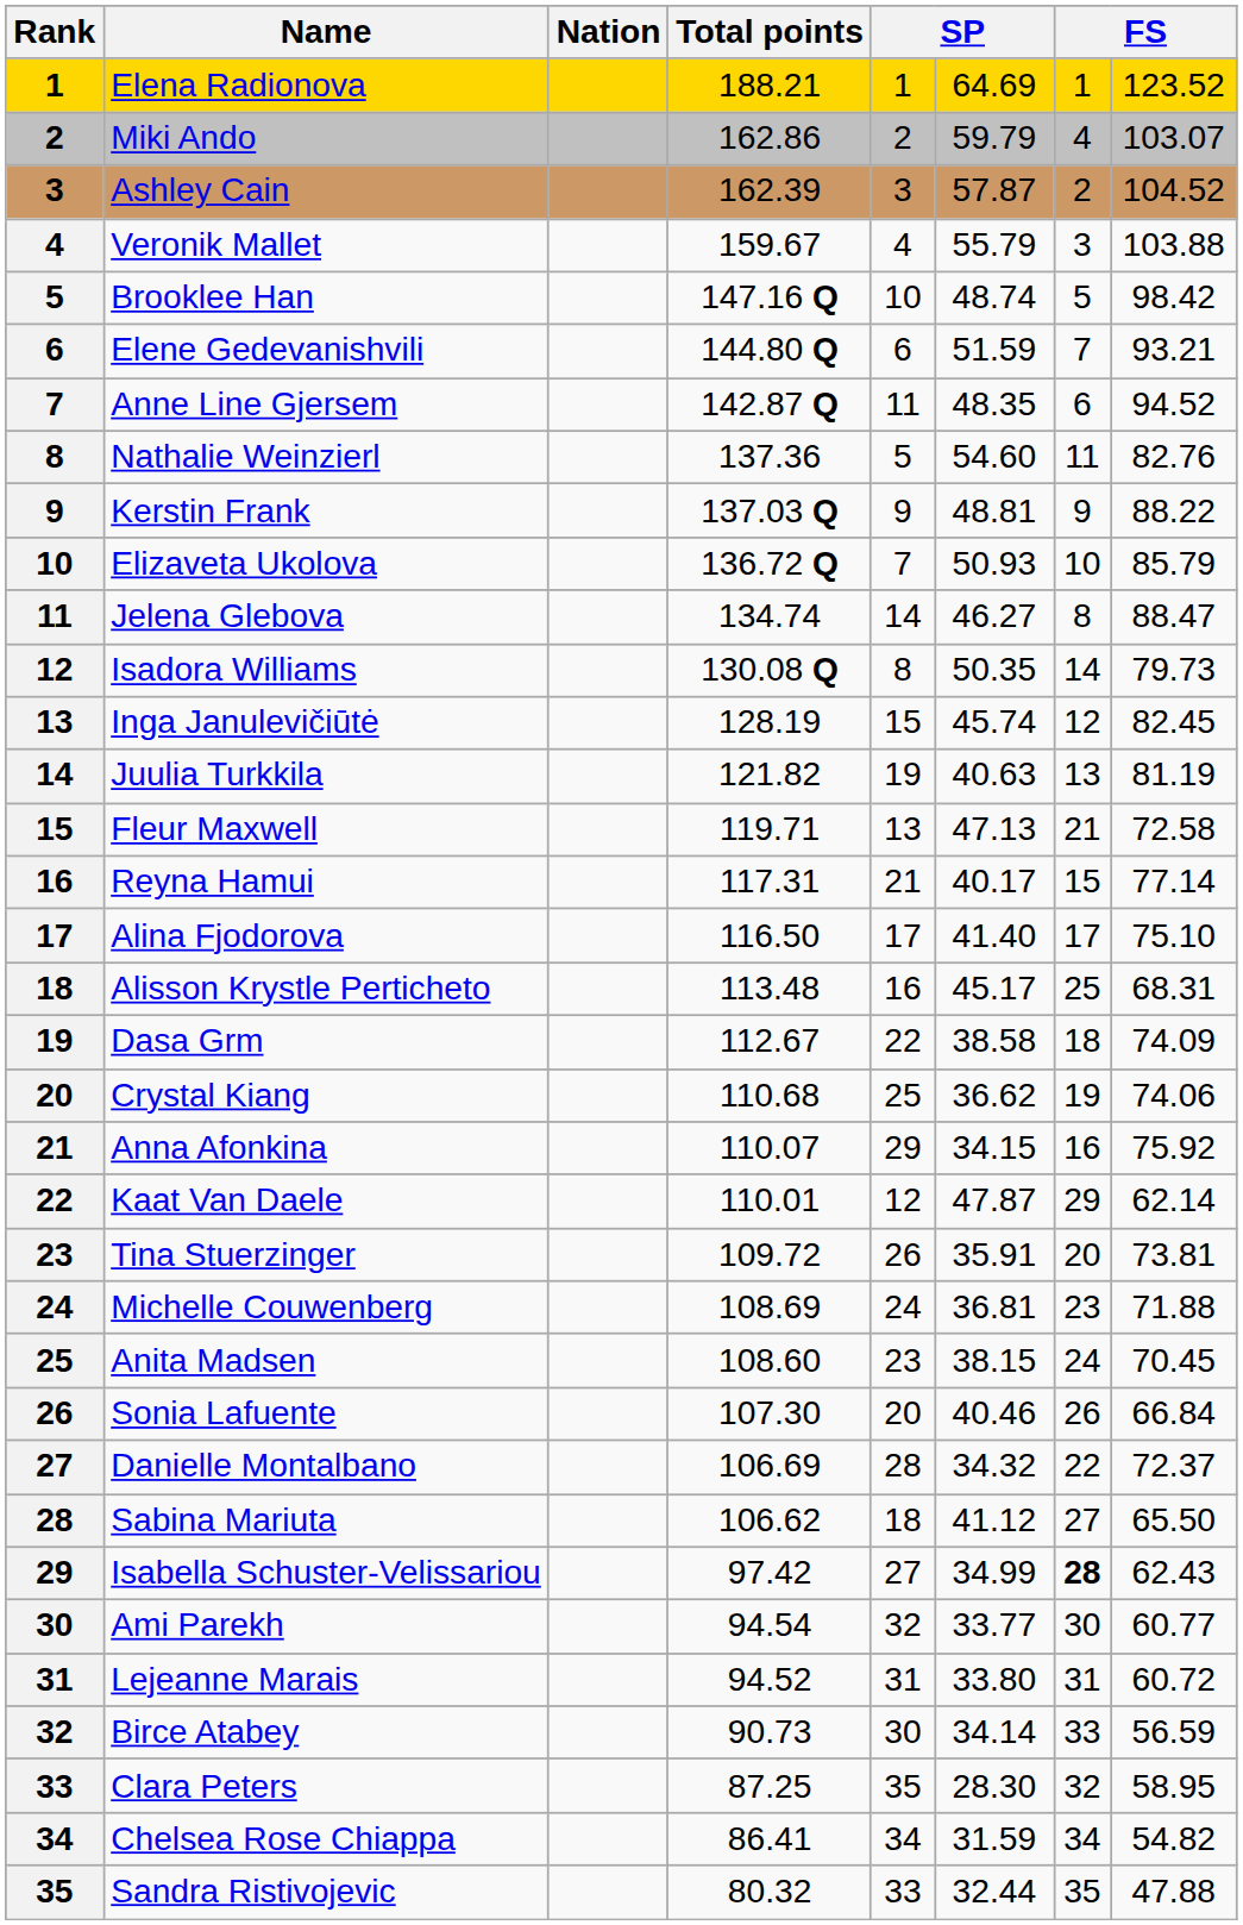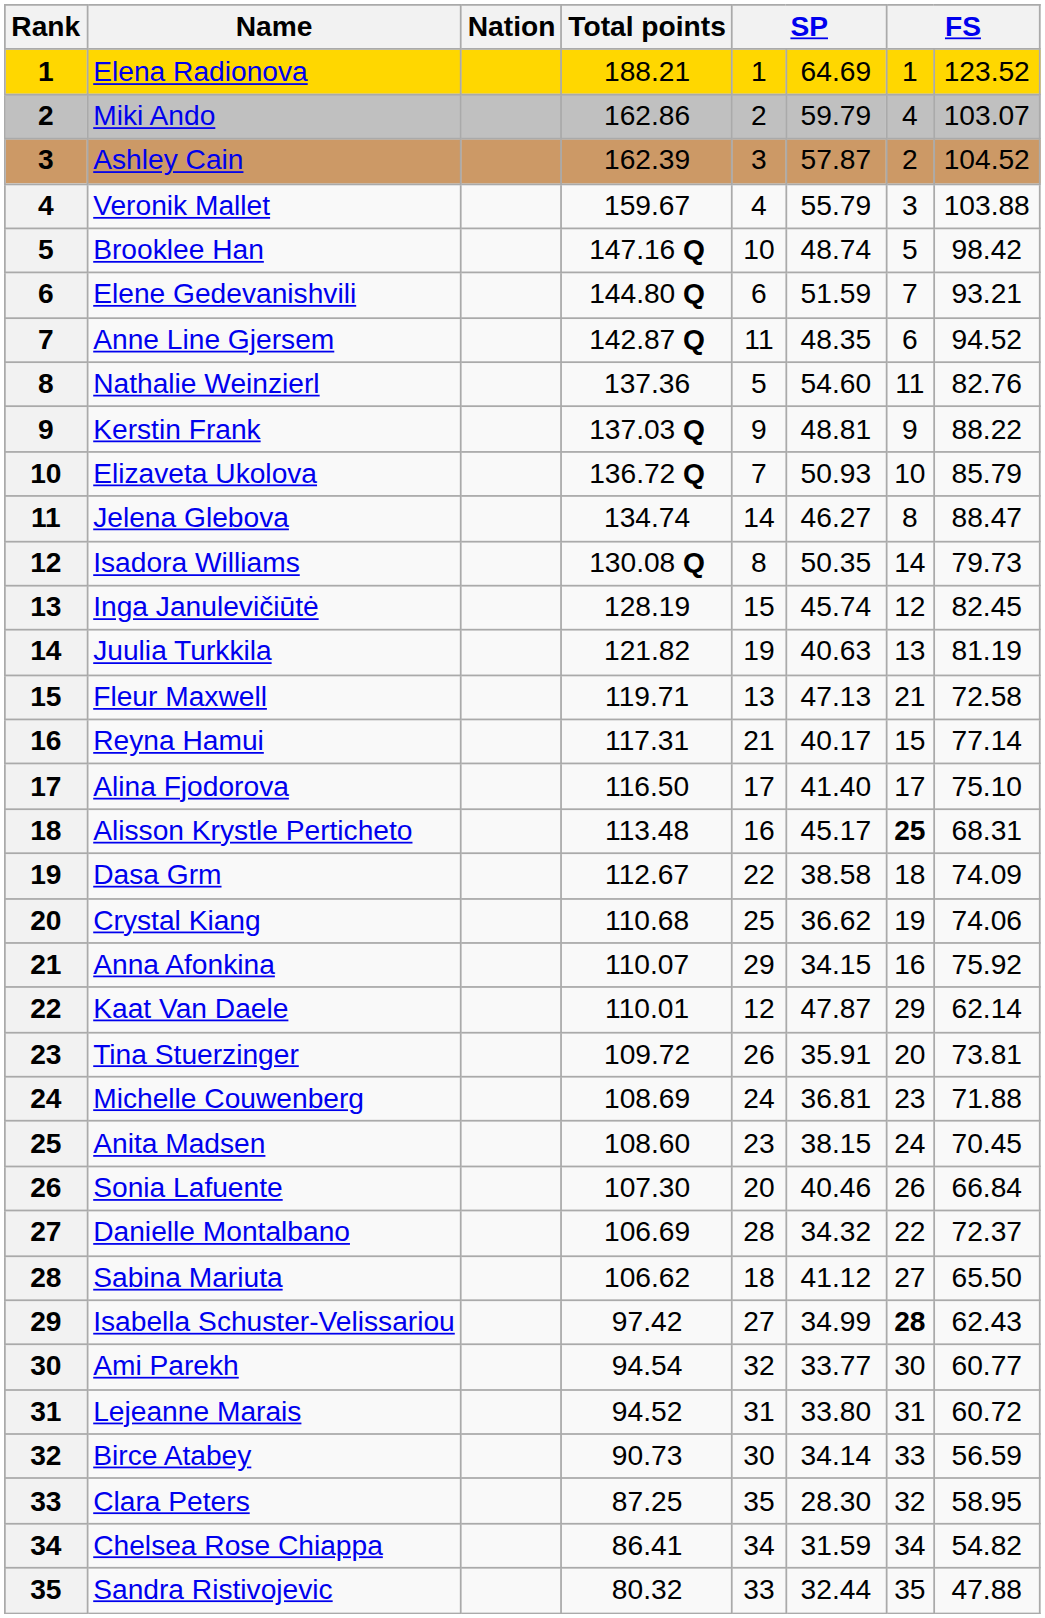 <table class="wikitable sortable">
 <tr>
 <th>Rank</th>
 <th>Name</th>
 <th>Nation</th>
 <th>Total points</th>
 <th colspan="2" width="80px"><a href='#'>SP</a></th>
 <th colspan="2" width="80px"><a href='#'>FS</a></th>
 </tr>
 <tr bgcolor="gold">
 <td align="center"><strong>1</strong></td>
 <td><a href='#'>Elena Radionova</a></td>
 <td></td>
 <td align="center">188.21</td>
 <td align="center">1</td>
 <td align="center">64.69</td>
 <td align="center">1</td>
 <td align="center">123.52</td>
 </tr>
 <tr bgcolor="silver">
 <td align="center"><strong>2</strong></td>
 <td><a href='#'>Miki Ando</a></td>
 <td></td>
 <td align="center">162.86</td>
 <td align="center">2</td>
 <td align="center">59.79</td>
 <td align="center">4</td>
 <td align="center">103.07</td>
 </tr>
 <tr bgcolor="cc9966">
 <td align="center"><strong>3</strong></td>
 <td><a href='#'>Ashley Cain</a></td>
 <td></td>
 <td align="center">162.39</td>
 <td align="center">3</td>
 <td align="center">57.87</td>
 <td align="center">2</td>
 <td align="center">104.52</td>
 </tr>
 <tr>
 <th>4</th>
 <td><a href='#'>Veronik Mallet</a></td>
 <td></td>
 <td align="center">159.67</td>
 <td align="center">4</td>
 <td align="center">55.79</td>
 <td align="center">3</td>
 <td align="center">103.88</td>
 </tr>
 <tr>
 <th>5</th>
 <td><a href='#'>Brooklee Han</a></td>
 <td></td>
 <td align="center">147.16 <strong>Q</strong></td>
 <td align="center">10</td>
 <td align="center">48.74</td>
 <td align="center">5</td>
 <td align="center">98.42</td>
 </tr>
 <tr>
 <th>6</th>
 <td><a href='#'>Elene Gedevanishvili</a></td>
 <td></td>
 <td align="center">144.80 <strong>Q</strong></td>
 <td align="center">6</td>
 <td align="center">51.59</td>
 <td align="center">7</td>
 <td align="center">93.21</td>
 </tr>
 <tr>
 <th>7</th>
 <td><a href='#'>Anne Line Gjersem</a></td>
 <td></td>
 <td align="center">142.87 <strong>Q</strong></td>
 <td align="center">11</td>
 <td align="center">48.35</td>
 <td align="center">6</td>
 <td align="center">94.52</td>
 </tr>
 <tr>
 <th>8</th>
 <td><a href='#'>Nathalie Weinzierl</a></td>
 <td></td>
 <td align="center">137.36</td>
 <td align="center">5</td>
 <td align="center">54.60</td>
 <td align="center">11</td>
 <td align="center">82.76</td>
 </tr>
 <tr>
 <th>9</th>
 <td><a href='#'>Kerstin Frank</a></td>
 <td></td>
 <td align="center">137.03 <strong>Q</strong></td>
 <td align="center">9</td>
 <td align="center">48.81</td>
 <td align="center">9</td>
 <td align="center">88.22</td>
 </tr>
 <tr>
 <th>10</th>
 <td><a href='#'>Elizaveta Ukolova</a></td>
 <td></td>
 <td align="center">136.72 <strong>Q</strong></td>
 <td align="center">7</td>
 <td align="center">50.93</td>
 <td align="center">10</td>
 <td align="center">85.79</td>
 </tr>
 <tr>
 <th>11</th>
 <td><a href='#'>Jelena Glebova</a></td>
 <td></td>
 <td align="center">134.74</td>
 <td align="center">14</td>
 <td align="center">46.27</td>
 <td align="center">8</td>
 <td align="center">88.47</td>
 </tr>
 <tr>
 <th>12</th>
 <td><a href='#'>Isadora Williams</a></td>
 <td></td>
 <td align="center">130.08 <strong>Q</strong></td>
 <td align="center">8</td>
 <td align="center">50.35</td>
 <td align="center">14</td>
 <td align="center">79.73</td>
 </tr>
 <tr>
 <th>13</th>
 <td><a href='#'>Inga Janulevičiūtė</a></td>
 <td></td>
 <td align="center">128.19</td>
 <td align="center">15</td>
 <td align="center">45.74</td>
 <td align="center">12</td>
 <td align="center">82.45</td>
 </tr>
 <tr>
 <th>14</th>
 <td><a href='#'>Juulia Turkkila</a></td>
 <td></td>
 <td align="center">121.82</td>
 <td align="center">19</td>
 <td align="center">40.63</td>
 <td align="center">13</td>
 <td align="center">81.19</td>
 </tr>
 <tr>
 <th>15</th>
 <td><a href='#'>Fleur Maxwell</a></td>
 <td></td>
 <td align="center">119.71</td>
 <td align="center">13</td>
 <td align="center">47.13</td>
 <td align="center">21</td>
 <td align="center">72.58</td>
 </tr>
 <tr>
 <th>16</th>
 <td><a href='#'>Reyna Hamui</a></td>
 <td></td>
 <td align="center">117.31</td>
 <td align="center">21</td>
 <td align="center">40.17</td>
 <td align="center">15</td>
 <td align="center">77.14</td>
 </tr>
 <tr>
 <th>17</th>
 <td><a href='#'>Alina Fjodorova</a></td>
 <td></td>
 <td align="center">116.50</td>
 <td align="center">17</td>
 <td align="center">41.40</td>
 <td align="center">17</td>
 <td align="center">75.10</td>
 </tr>
 <tr>
 <th>18</th>
 <td><a href='#'>Alisson Krystle Perticheto</a></td>
 <td></td>
 <td align="center">113.48</td>
 <td align="center">16</td>
 <td align="center">45.17</td>
-<td align="center">25</td>
+<td align="center"><strong>25</strong></td>
 <td align="center">68.31</td>
 </tr>
 <tr>
 <th>19</th>
 <td><a href='#'>Dasa Grm</a></td>
 <td></td>
 <td align="center">112.67</td>
 <td align="center">22</td>
 <td align="center">38.58</td>
 <td align="center">18</td>
 <td align="center">74.09</td>
 </tr>
 <tr>
 <th>20</th>
 <td><a href='#'>Crystal Kiang</a></td>
 <td></td>
 <td align="center">110.68</td>
 <td align="center">25</td>
 <td align="center">36.62</td>
 <td align="center">19</td>
 <td align="center">74.06</td>
 </tr>
 <tr>
 <th>21</th>
 <td><a href='#'>Anna Afonkina</a></td>
 <td></td>
 <td align="center">110.07</td>
 <td align="center">29</td>
 <td align="center">34.15</td>
 <td align="center">16</td>
 <td align="center">75.92</td>
 </tr>
 <tr>
 <th>22</th>
 <td><a href='#'>Kaat Van Daele</a></td>
 <td></td>
 <td align="center">110.01</td>
 <td align="center">12</td>
 <td align="center">47.87</td>
 <td align="center">29</td>
 <td align="center">62.14</td>
 </tr>
 <tr>
 <th>23</th>
 <td><a href='#'>Tina Stuerzinger</a></td>
 <td></td>
 <td align="center">109.72</td>
 <td align="center">26</td>
 <td align="center">35.91</td>
 <td align="center">20</td>
 <td align="center">73.81</td>
 </tr>
 <tr>
 <th>24</th>
 <td><a href='#'>Michelle Couwenberg</a></td>
 <td></td>
 <td align="center">108.69</td>
 <td align="center">24</td>
 <td align="center">36.81</td>
 <td align="center">23</td>
 <td align="center">71.88</td>
 </tr>
 <tr>
 <th>25</th>
 <td><a href='#'>Anita Madsen</a></td>
 <td></td>
 <td align="center">108.60</td>
 <td align="center">23</td>
 <td align="center">38.15</td>
 <td align="center">24</td>
 <td align="center">70.45</td>
 </tr>
 <tr>
 <th>26</th>
 <td><a href='#'>Sonia Lafuente</a></td>
 <td></td>
 <td align="center">107.30</td>
 <td align="center">20</td>
 <td align="center">40.46</td>
 <td align="center">26</td>
 <td align="center">66.84</td>
 </tr>
 <tr>
 <th>27</th>
 <td><a href='#'>Danielle Montalbano</a></td>
 <td></td>
 <td align="center">106.69</td>
 <td align="center">28</td>
 <td align="center">34.32</td>
 <td align="center">22</td>
 <td align="center">72.37</td>
 </tr>
 <tr>
 <th>28</th>
 <td><a href='#'>Sabina Mariuta</a></td>
 <td></td>
 <td align="center">106.62</td>
 <td align="center">18</td>
 <td align="center">41.12</td>
 <td align="center">27</td>
 <td align="center">65.50</td>
 </tr>
 <tr>
 <th>29</th>
 <td><a href='#'>Isabella Schuster-Velissariou</a></td>
 <td></td>
 <td align="center">97.42</td>
 <td align="center">27</td>
 <td align="center">34.99</td>
 <td align="center"><strong>28</strong></td>
 <td align="center">62.43</td>
 </tr>
 <tr>
 <th>30</th>
 <td><a href='#'>Ami Parekh</a></td>
 <td></td>
 <td align="center">94.54</td>
 <td align="center">32</td>
 <td align="center">33.77</td>
 <td align="center">30</td>
 <td align="center">60.77</td>
 </tr>
 <tr>
 <th>31</th>
 <td><a href='#'>Lejeanne Marais</a></td>
 <td></td>
 <td align="center">94.52</td>
 <td align="center">31</td>
 <td align="center">33.80</td>
 <td align="center">31</td>
 <td align="center">60.72</td>
 </tr>
 <tr>
 <th>32</th>
 <td><a href='#'>Birce Atabey</a></td>
 <td></td>
 <td align="center">90.73</td>
 <td align="center">30</td>
 <td align="center">34.14</td>
 <td align="center">33</td>
 <td align="center">56.59</td>
 </tr>
 <tr>
 <th>33</th>
 <td><a href='#'>Clara Peters</a></td>
 <td></td>
 <td align="center">87.25</td>
 <td align="center">35</td>
 <td align="center">28.30</td>
 <td align="center">32</td>
 <td align="center">58.95</td>
 </tr>
 <tr>
 <th>34</th>
 <td><a href='#'>Chelsea Rose Chiappa</a></td>
 <td></td>
 <td align="center">86.41</td>
 <td align="center">34</td>
 <td align="center">31.59</td>
 <td align="center">34</td>
 <td align="center">54.82</td>
 </tr>
 <tr>
 <th>35</th>
 <td><a href='#'>Sandra Ristivojevic</a></td>
 <td></td>
 <td align="center">80.32</td>
 <td align="center">33</td>
 <td align="center">32.44</td>
 <td align="center">35</td>
 <td align="center">47.88</td>
 </tr>
 </table>
